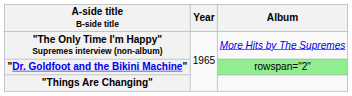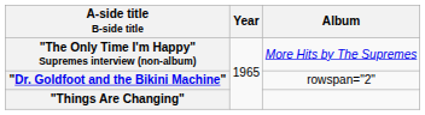 <table class="wikitable plainrowheaders" style="text-align:center;">
 <tr>
 <th scope="col" style="width:18em;">A-side title<br><small>B-side title</small></th>
 <th scope="col">Year</th>
 <th scope="col">Album</th>
 </tr>
 <tr>
 <th scope="row">"The Only Time I'm Happy" <br><small>Supremes interview (non-album)</small></th>
 <td rowspan="3">1965</td>
 <td><em><a href='#'>More Hits by The Supremes</a></em></td>
 </tr>
 <tr>
 <th scope="row">"<a href='#'>Dr. Goldfoot and the Bikini Machine</a>"</th>
-<td style="background: lightgreen;">rowspan="2" </td>
+<td>rowspan="2" </td>
 </tr>
 <tr>
 <th scope="row">"Things Are Changing"</th>
 </tr>
 </table>
